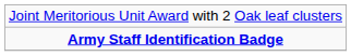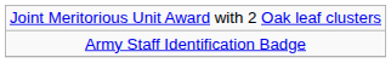 <table class="wikitable" style="margin:1em auto; text-align:center;">
 <tr>
 <td colspan="3"><a href='#'>Joint Meritorious Unit Award</a> with 2 <a href='#'>Oak leaf clusters</a></td>
 </tr>
 <tr>
-<td><strong><a href='#'>Army Staff Identification Badge</a></strong></td>
+<td><a href='#'>Army Staff Identification Badge</a></td>
 </tr>
 <tr>
 </tr>
 </table>
